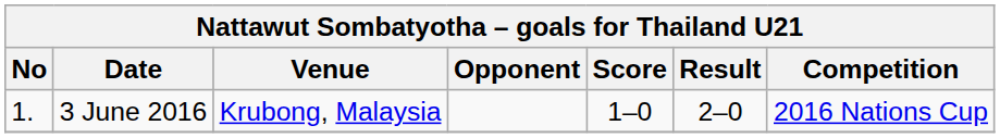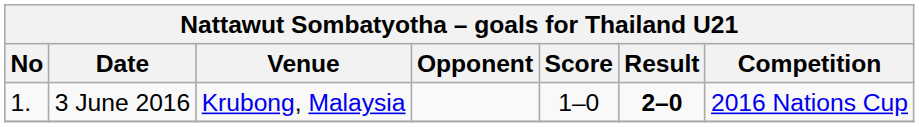 <table class="wikitable" style="font-size:95%;">
 <tr>
 <th colspan="8">Nattawut Sombatyotha – goals for Thailand U21</th>
 </tr>
 <tr>
 <th>No</th>
 <th>Date</th>
 <th>Venue</th>
 <th>Opponent</th>
 <th>Score</th>
 <th>Result</th>
 <th>Competition</th>
 </tr>
 <tr>
 <td>1.</td>
 <td>3 June 2016</td>
 <td><a href='#'>Krubong</a>, <a href='#'>Malaysia</a></td>
 <td></td>
 <td align=center>1–0</td>
-<td align=center>2–0</td>
+<td align=center><strong>2–0</strong></td>
 <td><a href='#'>2016 Nations Cup</a></td>
 </tr>
 <tr>
 </tr>
 </table>
